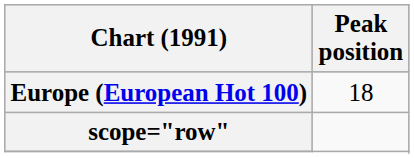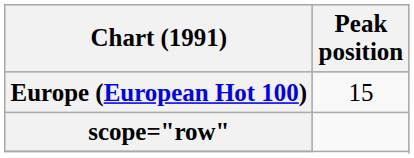 <table class="wikitable sortable plainrowheaders">
 <tr>
 <th>Chart (1991)</th>
 <th>Peak<br>position</th>
 </tr>
 <tr>
 <th scope="row">Europe (<a href='#'>European Hot 100</a>)</th>
-<td align="center">18</td>
+<td align="center">15</td>
 </tr>
 <tr>
 <th>scope="row"</th>
 </tr>
 <tr>
 </tr>
 </table>
